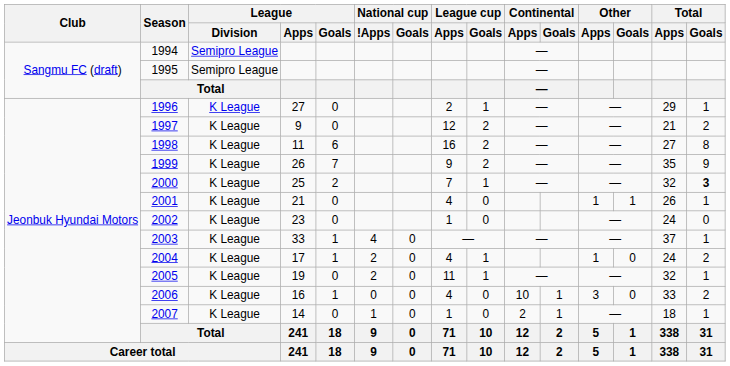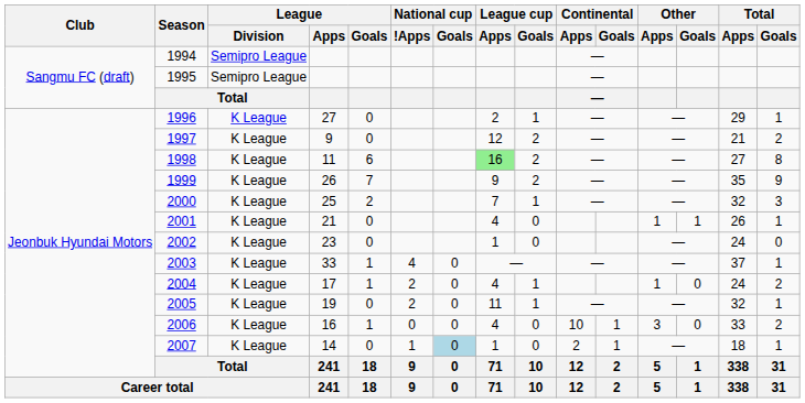 <table class="wikitable" style="text-align:center">
 <tr>
 <th rowspan="2">Club</th>
 <th rowspan="2">Season</th>
 <th colspan="3">League</th>
 <th colspan="2">National cup</th>
 <th colspan="2">League cup</th>
 <th colspan="2">Continental</th>
 <th colspan="2">Other</th>
 <th colspan="2">Total</th>
 </tr>
 <tr>
 <th>Division</th>
 <th>Apps</th>
 <th>Goals</th>
 <th>!Apps</th>
 <th>Goals</th>
 <th>Apps</th>
 <th>Goals</th>
 <th>Apps</th>
 <th>Goals</th>
 <th>Apps</th>
 <th>Goals</th>
 <th>Apps</th>
 <th>Goals</th>
 </tr>
 <tr>
 <td rowspan="3"><a href='#'>Sangmu FC</a> (<a href='#'>draft</a>)</td>
 <td>1994</td>
 <td><a href='#'>Semipro League</a></td>
 <td></td>
 <td></td>
 <td></td>
 <td></td>
 <td></td>
 <td></td>
 <td colspan="2">—</td>
 <td></td>
 <td></td>
 <td></td>
 <td></td>
 </tr>
 <tr>
 <td>1995</td>
 <td>Semipro League</td>
 <td></td>
 <td></td>
 <td></td>
 <td></td>
 <td></td>
 <td></td>
 <td colspan="2">—</td>
 <td></td>
 <td></td>
 <td></td>
 <td></td>
 </tr>
 <tr>
 <th colspan="2">Total</th>
 <th></th>
 <th></th>
 <th></th>
 <th></th>
 <th></th>
 <th></th>
 <th colspan="2">—</th>
 <th></th>
 <th></th>
 <th></th>
 <th></th>
 </tr>
 <tr>
 <td rowspan="13"><a href='#'>Jeonbuk Hyundai Motors</a></td>
 <td><a href='#'>1996</a></td>
 <td><a href='#'>K League</a></td>
 <td>27</td>
 <td>0</td>
 <td></td>
 <td></td>
 <td>2</td>
 <td>1</td>
 <td colspan="2">—</td>
 <td colspan="2">—</td>
 <td>29</td>
 <td>1</td>
 </tr>
 <tr>
 <td><a href='#'>1997</a></td>
 <td>K League</td>
 <td>9</td>
 <td>0</td>
 <td></td>
 <td></td>
 <td>12</td>
 <td>2</td>
 <td colspan="2">—</td>
 <td colspan="2">—</td>
 <td>21</td>
 <td>2</td>
 </tr>
 <tr>
 <td><a href='#'>1998</a></td>
 <td>K League</td>
 <td>11</td>
 <td>6</td>
 <td></td>
 <td></td>
-<td>16</td>
+<td style="background: lightgreen;">16</td>
 <td>2</td>
 <td colspan="2">—</td>
 <td colspan="2">—</td>
 <td>27</td>
 <td>8</td>
 </tr>
 <tr>
 <td><a href='#'>1999</a></td>
 <td>K League</td>
 <td>26</td>
 <td>7</td>
 <td></td>
 <td></td>
 <td>9</td>
 <td>2</td>
 <td colspan="2">—</td>
 <td colspan="2">—</td>
 <td>35</td>
 <td>9</td>
 </tr>
 <tr>
 <td><a href='#'>2000</a></td>
 <td>K League</td>
 <td>25</td>
 <td>2</td>
 <td></td>
 <td></td>
 <td>7</td>
 <td>1</td>
 <td colspan="2">—</td>
 <td colspan="2">—</td>
 <td>32</td>
-<td><strong>3</strong></td>
+<td>3</td>
 </tr>
 <tr>
 <td><a href='#'>2001</a></td>
 <td>K League</td>
 <td>21</td>
 <td>0</td>
 <td></td>
 <td></td>
 <td>4</td>
 <td>0</td>
 <td></td>
 <td></td>
 <td>1</td>
 <td>1</td>
 <td>26</td>
 <td>1</td>
 </tr>
 <tr>
 <td><a href='#'>2002</a></td>
 <td>K League</td>
 <td>23</td>
 <td>0</td>
 <td></td>
 <td></td>
 <td>1</td>
 <td>0</td>
 <td></td>
 <td></td>
 <td colspan="2">—</td>
 <td>24</td>
 <td>0</td>
 </tr>
 <tr>
 <td><a href='#'>2003</a></td>
 <td>K League</td>
 <td>33</td>
 <td>1</td>
 <td>4</td>
 <td>0</td>
 <td colspan="2">—</td>
 <td colspan="2">—</td>
 <td colspan="2">—</td>
 <td>37</td>
 <td>1</td>
 </tr>
 <tr>
 <td><a href='#'>2004</a></td>
 <td>K League</td>
 <td>17</td>
 <td>1</td>
 <td>2</td>
 <td>0</td>
 <td>4</td>
 <td>1</td>
 <td></td>
 <td></td>
 <td>1</td>
 <td>0</td>
 <td>24</td>
 <td>2</td>
 </tr>
 <tr>
 <td><a href='#'>2005</a></td>
 <td>K League</td>
 <td>19</td>
 <td>0</td>
 <td>2</td>
 <td>0</td>
 <td>11</td>
 <td>1</td>
 <td colspan="2">—</td>
 <td colspan="2">—</td>
 <td>32</td>
 <td>1</td>
 </tr>
 <tr>
 <td><a href='#'>2006</a></td>
 <td>K League</td>
 <td>16</td>
 <td>1</td>
 <td>0</td>
 <td>0</td>
 <td>4</td>
 <td>0</td>
 <td>10</td>
 <td>1</td>
 <td>3</td>
 <td>0</td>
 <td>33</td>
 <td>2</td>
 </tr>
 <tr>
 <td><a href='#'>2007</a></td>
 <td>K League</td>
 <td>14</td>
 <td>0</td>
 <td>1</td>
-<td>0</td>
+<td style="background: lightblue;">0</td>
 <td>1</td>
 <td>0</td>
 <td>2</td>
 <td>1</td>
 <td colspan="2">—</td>
 <td>18</td>
 <td>1</td>
 </tr>
 <tr>
 <th colspan="2">Total</th>
 <th>241</th>
 <th>18</th>
 <th>9</th>
 <th>0</th>
 <th>71</th>
 <th>10</th>
 <th>12</th>
 <th>2</th>
 <th>5</th>
 <th>1</th>
 <th>338</th>
 <th>31</th>
 </tr>
 <tr>
 <th colspan="3">Career total</th>
 <th>241</th>
 <th>18</th>
 <th>9</th>
 <th>0</th>
 <th>71</th>
 <th>10</th>
 <th>12</th>
 <th>2</th>
 <th>5</th>
 <th>1</th>
 <th>338</th>
 <th>31</th>
 </tr>
 </table>
